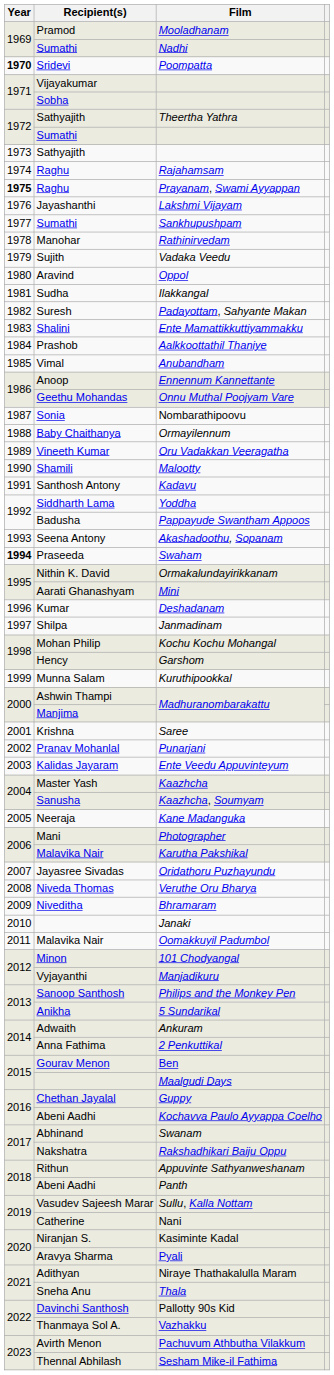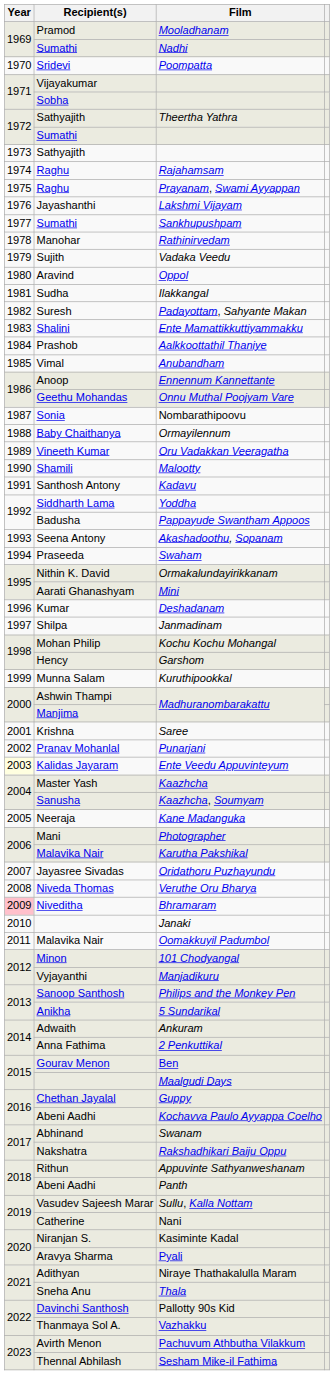 <table class="wikitable sortable plainrowheaders">
 <tr>
 <th scope="col">Year</th>
 <th scope="col">Recipient(s)</th>
 <th scope="col">Film</th>
 <th scope="col" class="unsortable"></th>
 </tr>
 <tr style="background-color:#EBEBE0">
 <td rowspan="2">1969</td>
 <td>Pramod</td>
 <td><em><a href='#'>Mooladhanam</a></em></td>
 <td></td>
 </tr>
 <tr style="background-color:#EBEBE0">
 <td><a href='#'>Sumathi</a></td>
 <td><em><a href='#'>Nadhi</a></em></td>
 <td></td>
 </tr>
 <tr>
-<td><strong>1970</strong></td>
+<td>1970</td>
 <td><a href='#'>Sridevi</a></td>
 <td><em><a href='#'>Poompatta</a></em></td>
 <td></td>
 </tr>
 <tr style="background-color:#EBEBE0">
 <td rowspan="2">1971</td>
 <td>Vijayakumar</td>
 <td></td>
 <td></td>
 </tr>
 <tr style="background-color:#EBEBE0">
 <td><a href='#'>Sobha</a></td>
 <td></td>
 <td></td>
 </tr>
 <tr style="background-color:#EBEBE0">
 <td rowspan="2">1972</td>
 <td>Sathyajith</td>
 <td><em>Theertha Yathra</em></td>
 <td></td>
 </tr>
 <tr style="background-color:#EBEBE0">
 <td><a href='#'>Sumathi</a></td>
 <td></td>
 <td></td>
 </tr>
 <tr>
 <td>1973</td>
 <td>Sathyajith</td>
 <td></td>
 <td></td>
 </tr>
 <tr>
 <td>1974</td>
 <td><a href='#'>Raghu</a></td>
 <td><em><a href='#'>Rajahamsam</a></em></td>
 <td></td>
 </tr>
 <tr>
-<td><strong>1975</strong></td>
+<td>1975</td>
 <td><a href='#'>Raghu</a></td>
 <td><em><a href='#'>Prayanam</a></em>, <em><a href='#'>Swami Ayyappan</a></em></td>
 <td></td>
 </tr>
 <tr>
 <td>1976</td>
 <td>Jayashanthi</td>
 <td><em><a href='#'>Lakshmi Vijayam</a></em></td>
 <td></td>
 </tr>
 <tr>
 <td>1977</td>
 <td><a href='#'>Sumathi</a></td>
 <td><em><a href='#'>Sankhupushpam</a></em></td>
 <td></td>
 </tr>
 <tr>
 <td>1978</td>
 <td>Manohar</td>
 <td><em><a href='#'>Rathinirvedam</a></em></td>
 <td></td>
 </tr>
 <tr>
 <td>1979</td>
 <td>Sujith</td>
 <td><em>Vadaka Veedu</em></td>
 <td></td>
 </tr>
 <tr>
 <td>1980</td>
 <td>Aravind</td>
 <td><em><a href='#'>Oppol</a></em></td>
 <td></td>
 </tr>
 <tr>
 <td>1981</td>
 <td>Sudha</td>
 <td><em>Ilakkangal</em></td>
 <td></td>
 </tr>
 <tr>
 <td>1982</td>
 <td>Suresh</td>
 <td><em><a href='#'>Padayottam</a></em>, <em>Sahyante Makan</em></td>
 <td></td>
 </tr>
 <tr>
 <td>1983</td>
 <td><a href='#'>Shalini</a></td>
 <td><em><a href='#'>Ente Mamattikkuttiyammakku</a></em></td>
 <td></td>
 </tr>
 <tr>
 <td>1984</td>
 <td>Prashob</td>
 <td><em><a href='#'>Aalkkoottathil Thaniye</a></em></td>
 <td></td>
 </tr>
 <tr>
 <td>1985</td>
 <td>Vimal</td>
 <td><em><a href='#'>Anubandham</a></em></td>
 <td></td>
 </tr>
 <tr style="background-color:#EBEBE0">
 <td rowspan="2">1986</td>
 <td>Anoop</td>
 <td><em><a href='#'>Ennennum Kannettante</a></em></td>
 <td></td>
 </tr>
 <tr style="background-color:#EBEBE0">
 <td><a href='#'>Geethu Mohandas</a></td>
 <td><em><a href='#'>Onnu Muthal Poojyam Vare</a></em></td>
 <td></td>
 </tr>
 <tr>
 <td>1987</td>
 <td><a href='#'>Sonia</a></td>
 <td>Nombarathipoovu</td>
 <td></td>
 </tr>
 <tr>
 <td>1988</td>
 <td><a href='#'>Baby Chaithanya</a></td>
 <td><em>Ormayilennum</em></td>
 <td></td>
 </tr>
 <tr>
 <td>1989</td>
 <td><a href='#'>Vineeth Kumar</a></td>
 <td><em><a href='#'>Oru Vadakkan Veeragatha</a></em></td>
 <td></td>
 </tr>
 <tr>
 <td>1990</td>
 <td><a href='#'>Shamili</a></td>
 <td><em><a href='#'>Malootty</a></em></td>
 <td></td>
 </tr>
 <tr>
 <td>1991</td>
 <td>Santhosh Antony</td>
 <td><em><a href='#'>Kadavu</a></em></td>
 <td></td>
 </tr>
 <tr>
 <td rowspan="2">1992</td>
 <td><a href='#'>Siddharth Lama</a></td>
 <td><em><a href='#'>Yoddha</a></em></td>
 <td></td>
 </tr>
 <tr>
 <td>Badusha</td>
 <td><em><a href='#'>Pappayude Swantham Appoos</a></em></td>
 <td></td>
 </tr>
 <tr>
 <td>1993</td>
 <td>Seena Antony</td>
 <td><em><a href='#'>Akashadoothu</a>, <a href='#'>Sopanam</a></em></td>
 <td></td>
 </tr>
 <tr>
-<td><strong>1994</strong></td>
+<td>1994</td>
 <td>Praseeda</td>
 <td><em><a href='#'>Swaham</a></em></td>
 <td></td>
 </tr>
 <tr style="background-color:#EBEBE0">
 <td rowspan="2">1995</td>
 <td>Nithin K. David</td>
 <td><em>Ormakalundayirikkanam</em></td>
 <td></td>
 </tr>
 <tr style="background-color:#EBEBE0">
 <td>Aarati Ghanashyam</td>
 <td><em><a href='#'>Mini</a></em></td>
 <td></td>
 </tr>
 <tr>
 <td>1996</td>
 <td>Kumar</td>
 <td><em><a href='#'>Deshadanam</a></em></td>
 <td></td>
 </tr>
 <tr>
 <td>1997</td>
 <td>Shilpa</td>
 <td><em>Janmadinam</em></td>
 <td></td>
 </tr>
 <tr style="background-color:#EBEBE0">
 <td rowspan="2">1998</td>
 <td>Mohan Philip</td>
 <td><em>Kochu Kochu Mohangal</em></td>
 <td></td>
 </tr>
 <tr style="background-color:#EBEBE0">
 <td>Hency</td>
 <td><em>Garshom</em></td>
 <td></td>
 </tr>
 <tr>
 <td>1999</td>
 <td>Munna Salam</td>
 <td><em>Kuruthipookkal</em></td>
 <td></td>
 </tr>
 <tr style="background-color:#EBEBE0">
 <td rowspan="2">2000</td>
 <td>Ashwin Thampi</td>
 <td rowspan="2"><em><a href='#'>Madhuranombarakattu</a></em></td>
 <td></td>
 </tr>
 <tr style="background-color:#EBEBE0">
 <td><a href='#'>Manjima</a></td>
 <td></td>
 </tr>
 <tr>
 <td>2001</td>
 <td>Krishna</td>
 <td><em>Saree</em></td>
 <td></td>
 </tr>
 <tr>
 <td>2002</td>
 <td><a href='#'>Pranav Mohanlal</a></td>
 <td><em><a href='#'>Punarjani</a></em></td>
 <td></td>
 </tr>
 <tr>
-<td>2003</td>
+<td style="background: lightyellow;">2003</td>
 <td><a href='#'>Kalidas Jayaram</a></td>
 <td><em><a href='#'>Ente Veedu Appuvinteyum</a></em></td>
 <td></td>
 </tr>
 <tr style="background-color:#EBEBE0">
 <td rowspan="2">2004</td>
 <td>Master Yash</td>
 <td><em><a href='#'>Kaazhcha</a></em></td>
 <td></td>
 </tr>
 <tr style="background-color:#EBEBE0">
 <td><a href='#'>Sanusha</a></td>
 <td><em><a href='#'>Kaazhcha</a></em>, <em><a href='#'>Soumyam</a></em></td>
 <td></td>
 </tr>
 <tr>
 <td>2005</td>
 <td>Neeraja</td>
 <td><em><a href='#'>Kane Madanguka</a></em></td>
 <td></td>
 </tr>
 <tr style="background-color:#EBEBE0">
 <td rowspan="2">2006</td>
 <td>Mani</td>
 <td><em><a href='#'>Photographer</a></em></td>
 <td></td>
 </tr>
 <tr style="background-color:#EBEBE0">
 <td><a href='#'>Malavika Nair</a></td>
 <td><em><a href='#'>Karutha Pakshikal</a></em></td>
 <td></td>
 </tr>
 <tr>
 <td>2007</td>
 <td>Jayasree Sivadas</td>
 <td><em><a href='#'>Oridathoru Puzhayundu</a></em></td>
 <td></td>
 </tr>
 <tr>
 <td>2008</td>
 <td><a href='#'>Niveda Thomas</a></td>
 <td><em><a href='#'>Veruthe Oru Bharya</a></em></td>
 <td></td>
 </tr>
 <tr>
-<td>2009</td>
+<td style="background: pink;">2009</td>
 <td><a href='#'>Niveditha</a></td>
 <td><em><a href='#'>Bhramaram</a></em></td>
 <td></td>
 </tr>
 <tr>
 <td>2010</td>
 <td></td>
 <td><em>Janaki</em></td>
 <td></td>
 </tr>
 <tr>
 <td>2011</td>
 <td>Malavika Nair</td>
 <td><em><a href='#'>Oomakkuyil Padumbol</a></em></td>
 <td></td>
 </tr>
 <tr style="background-color:#EBEBE0">
 <td rowspan="2">2012</td>
 <td><a href='#'>Minon</a></td>
 <td><em><a href='#'>101 Chodyangal</a></em></td>
 <td></td>
 </tr>
 <tr style="background-color:#EBEBE0">
 <td>Vyjayanthi</td>
 <td><em><a href='#'>Manjadikuru</a></em></td>
 <td></td>
 </tr>
 <tr style="background-color:#EBEBE0">
 <td rowspan="2">2013</td>
 <td><a href='#'>Sanoop Santhosh</a></td>
 <td><em><a href='#'>Philips and the Monkey Pen</a></em></td>
 <td></td>
 </tr>
 <tr style="background-color:#EBEBE0">
 <td><a href='#'>Anikha</a></td>
 <td><em><a href='#'>5 Sundarikal</a></em></td>
 <td></td>
 </tr>
 <tr style="background-color:#EBEBE0">
 <td rowspan="2">2014</td>
 <td>Adwaith</td>
 <td><em>Ankuram</em></td>
 <td></td>
 </tr>
 <tr style="background-color:#EBEBE0">
 <td>Anna Fathima</td>
 <td><em><a href='#'>2 Penkuttikal</a></em></td>
 <td></td>
 </tr>
 <tr style="background-color:#EBEBE0">
 <td rowspan="2">2015</td>
 <td><a href='#'>Gourav Menon</a></td>
 <td><em><a href='#'></em>Ben<em></a></em></td>
 <td></td>
 </tr>
 <tr style="background-color:#EBEBE0">
 <td></td>
 <td><em><a href='#'>Maalgudi Days</a></em></td>
 <td></td>
 </tr>
 <tr style="background-color:#EBEBE0">
 <td rowspan="2">2016</td>
 <td><a href='#'>Chethan Jayalal</a></td>
 <td><em><a href='#'>Guppy</a></em></td>
 <td></td>
 </tr>
 <tr style="background-color:#EBEBE0">
 <td>Abeni Aadhi</td>
 <td><em><a href='#'>Kochavva Paulo Ayyappa Coelho</a></em></td>
 <td></td>
 </tr>
 <tr style="background-color:#EBEBE0">
 <td rowspan="2">2017</td>
 <td>Abhinand</td>
 <td><em>Swanam</em></td>
 <td></td>
 </tr>
 <tr style="background-color:#EBEBE0">
 <td>Nakshatra</td>
 <td><em><a href='#'>Rakshadhikari Baiju Oppu</a></em></td>
 <td></td>
 </tr>
 <tr style="background-color:#EBEBE0">
 <td rowspan="2">2018</td>
 <td>Rithun</td>
 <td><em>Appuvinte Sathyanweshanam</em></td>
 <td></td>
 </tr>
 <tr style="background-color:#EBEBE0">
 <td>Abeni Aadhi</td>
 <td><em>Panth</em></td>
 <td></td>
 </tr>
 <tr style="background-color:#EBEBE0">
 <td rowspan="2">2019</td>
 <td>Vasudev Sajeesh Marar</td>
 <td><em>Sullu</em>, <em><a href='#'>Kalla Nottam</a></em></td>
 <td></td>
 </tr>
 <tr style="background-color:#EBEBE0">
 <td>Catherine</td>
 <td>Nani</td>
 <td></td>
 </tr>
 <tr style="background-color:#EBEBE0">
 <td rowspan=2>2020</td>
 <td>Niranjan S.</td>
 <td>Kasiminte Kadal</td>
 <td></td>
 </tr>
 <tr style="background-color:#EBEBE0">
 <td>Aravya Sharma</td>
 <td><a href='#'>Pyali</a></td>
 <td></td>
 </tr>
 <tr style="background-color:#EBEBE0">
 <td rowspan=2>2021</td>
 <td>Adithyan</td>
 <td>Niraye Thathakalulla Maram</td>
 <td></td>
 </tr>
 <tr style="background-color:#EBEBE0">
 <td>Sneha Anu</td>
 <td><em><a href='#'>Thala</a></em></td>
 <td></td>
 </tr>
 <tr style="background-color:#EBEBE0">
 <td rowspan=2>2022</td>
 <td><a href='#'>Davinchi Santhosh</a></td>
 <td>Pallotty 90s Kid</td>
 <td></td>
 </tr>
 <tr style="background-color:#EBEBE0">
 <td>Thanmaya Sol A.</td>
 <td><a href='#'>Vazhakku</a></td>
 <td></td>
 </tr>
 <tr style="background-color:#EBEBE0">
 <td rowspan=2>2023</td>
 <td>Avirth Menon</td>
 <td><a href='#'>Pachuvum Athbutha Vilakkum</a></td>
 <td></td>
 </tr>
 <tr style="background-color:#EBEBE0">
 <td>Thennal Abhilash</td>
 <td><a href='#'>Sesham Mike-il Fathima</a></td>
 <td></td>
 </tr>
 </table>
